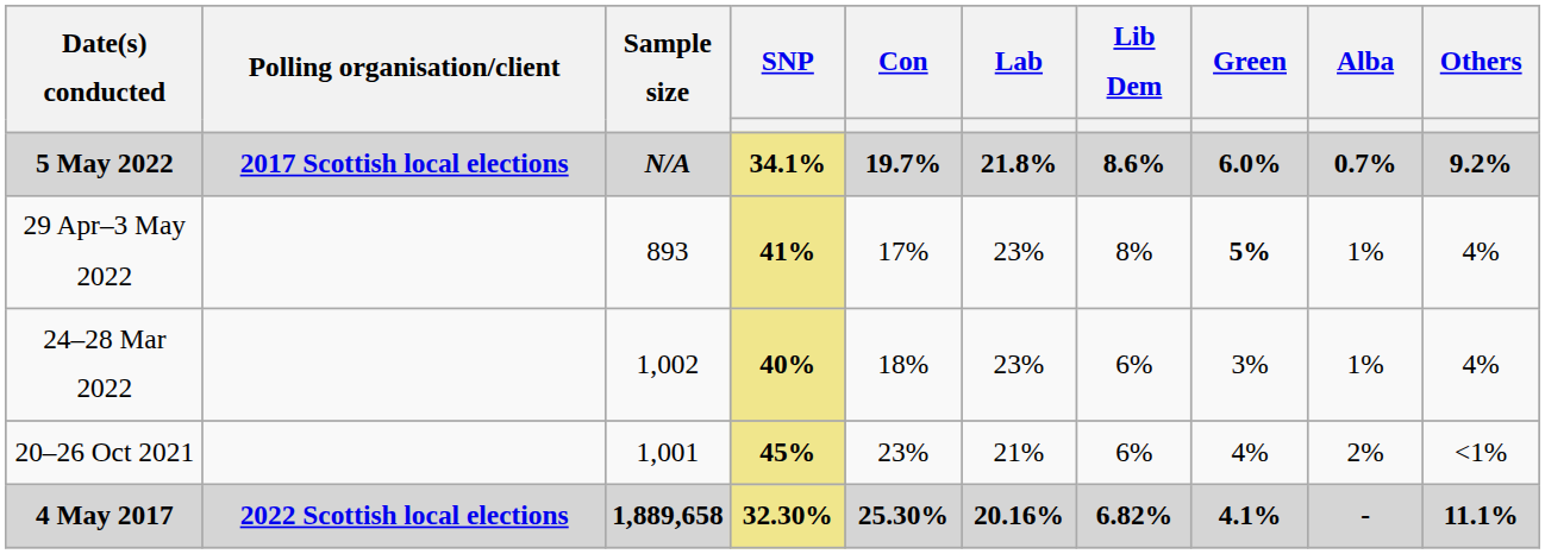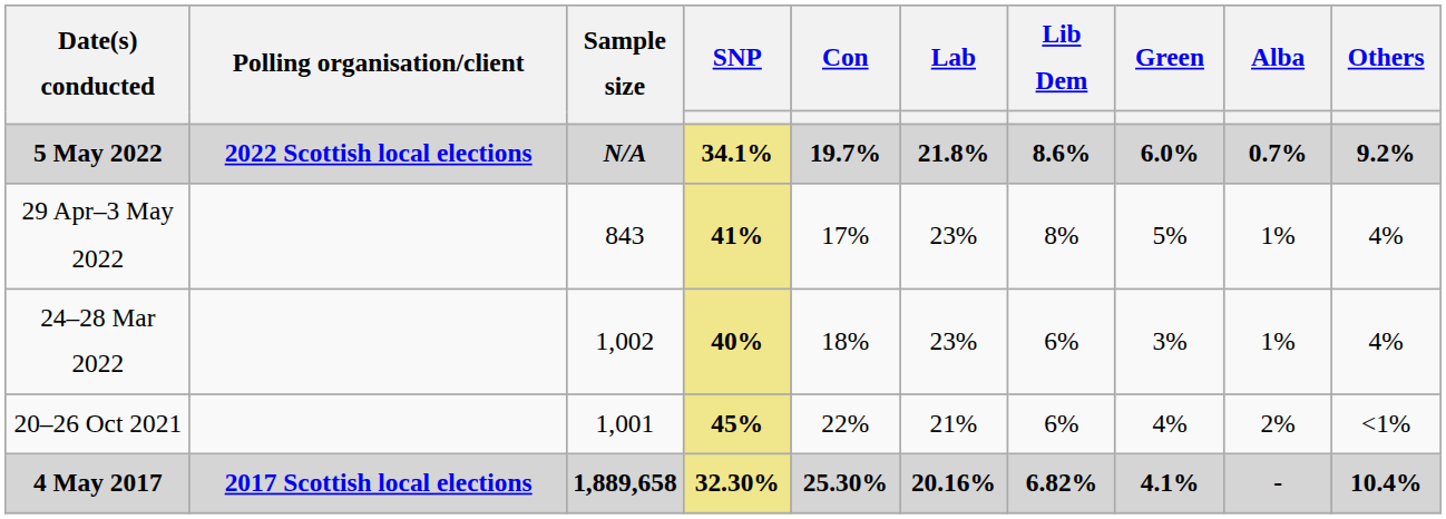 <table class="wikitable sortable" style="text-align:center; line-height:1.8; font-size:85%;">
 <tr>
 <th rowspan="2" style="width:90px;">Date(s)<br>conducted</th>
 <th rowspan="2" style="width:190px;">Polling organisation/client</th>
 <th rowspan="2" style="width:45px;">Sample size</th>
 <th style="width:50px;" class="unsortable"><a href='#'>SNP</a></th>
 <th style="width:50px;" class="unsortable"><a href='#'>Con</a></th>
 <th style="width:50px;" class="unsortable"><a href='#'>Lab</a></th>
 <th style="width:50px;" class="unsortable"><a href='#'>Lib Dem</a></th>
 <th style="width:50px;" class="unsortable"><a href='#'>Green</a></th>
 <th style="width:50px;" class="unsortable"><a href='#'>Alba</a></th>
 <th style="width:50px;" class="unsortable"><a href='#'>Others</a></th>
 </tr>
 <tr>
 <th class="unsortable" style="color:inherit;background:"></th>
 <th class="unsortable" style="color:inherit;background:"></th>
 <th class="unsortable" style="color:inherit;background:"></th>
 <th class="unsortable" style="color:inherit;background:"></th>
 <th class="unsortable" style="color:inherit;background:"></th>
 <th class="unsortable" style="color:inherit;background:"></th>
 <th class="unsortable" style="color:inherit;background:"></th>
 </tr>
 <tr style="background:#D5D5D5; font-weight:bold;">
 <td>5 May 2022</td>
-<td><a href='#'>2017 Scottish local elections</a></td>
+<td><a href='#'>2022 Scottish local elections</a></td>
 <td><em>N/A</em></td>
 <td style="background:#F0E68C">34.1%</td>
 <td>19.7%</td>
 <td>21.8%</td>
 <td>8.6%</td>
 <td>6.0%</td>
 <td>0.7%</td>
 <td>9.2%</td>
 </tr>
 <tr>
 <td>29 Apr–3 May 2022</td>
 <td></td>
-<td>893</td>
+<td>843</td>
 <td style="background:#F0E68C"><strong>41%</strong></td>
 <td>17%</td>
 <td>23%</td>
 <td>8%</td>
-<td><strong>5%</strong></td>
+<td>5%</td>
 <td>1%</td>
 <td>4%</td>
 </tr>
 <tr>
 <td>24–28 Mar 2022</td>
 <td></td>
 <td>1,002</td>
 <td style="background:#F0E68C"><strong>40%</strong></td>
 <td>18%</td>
 <td>23%</td>
 <td>6%</td>
 <td>3%</td>
 <td>1%</td>
 <td>4%</td>
 </tr>
 <tr>
 <td>20–26 Oct 2021</td>
 <td></td>
 <td>1,001</td>
 <td style="background:#F0E68C"><strong>45%</strong></td>
-<td>23%</td>
+<td>22%</td>
 <td>21%</td>
 <td>6%</td>
 <td>4%</td>
 <td>2%</td>
 <td><1%</td>
 </tr>
 <tr style="background:#D5D5D5; font-weight:bold;">
 <td>4 May 2017</td>
-<td><a href='#'>2022 Scottish local elections</a></td>
+<td><a href='#'>2017 Scottish local elections</a></td>
 <td>1,889,658</td>
 <td style="background:#F0E68C;">32.30%</td>
 <td>25.30%</td>
 <td>20.16%</td>
 <td>6.82%</td>
 <td>4.1%</td>
 <td>-</td>
-<td>11.1%</td>
+<td>10.4%</td>
 </tr>
 </table>
